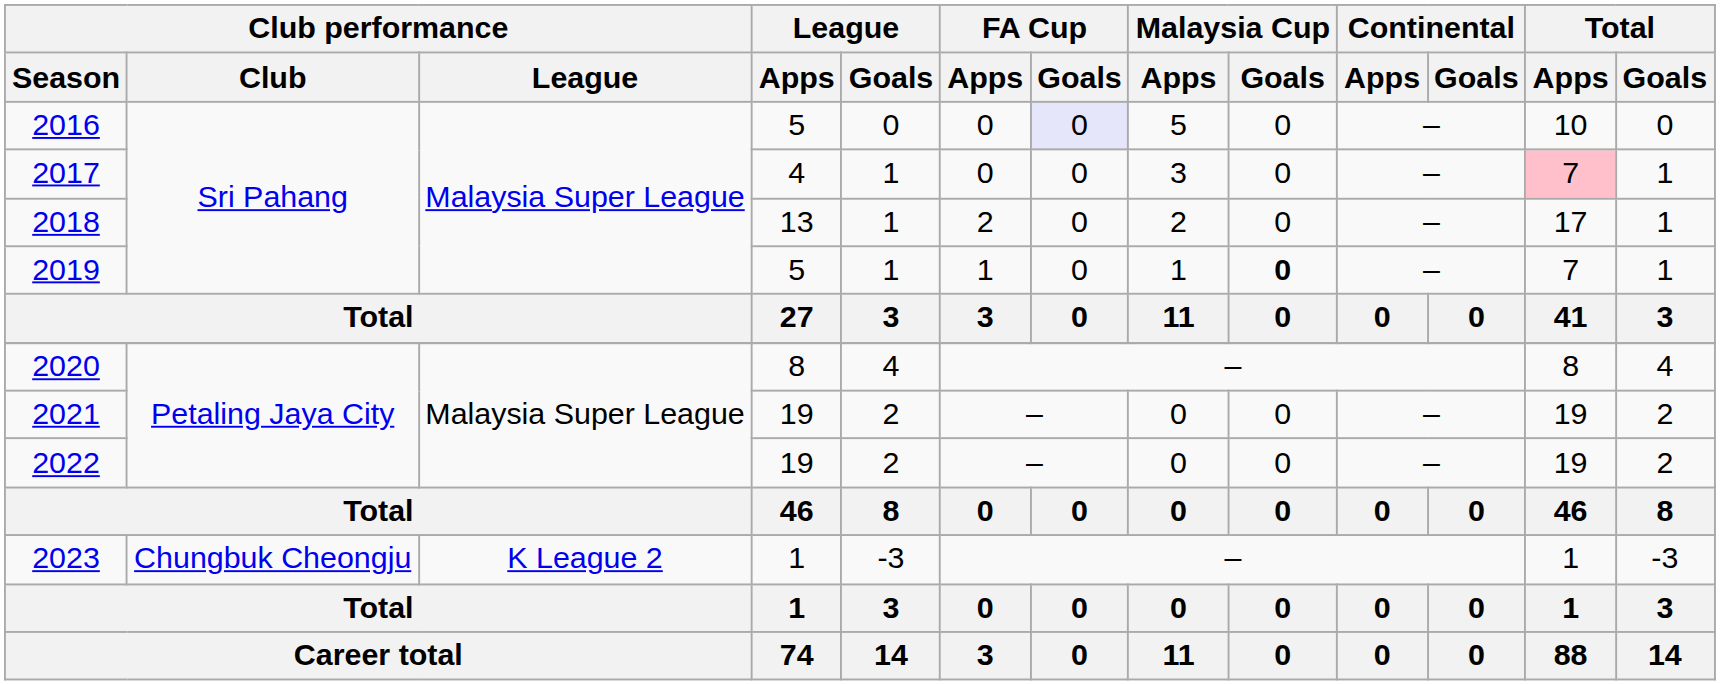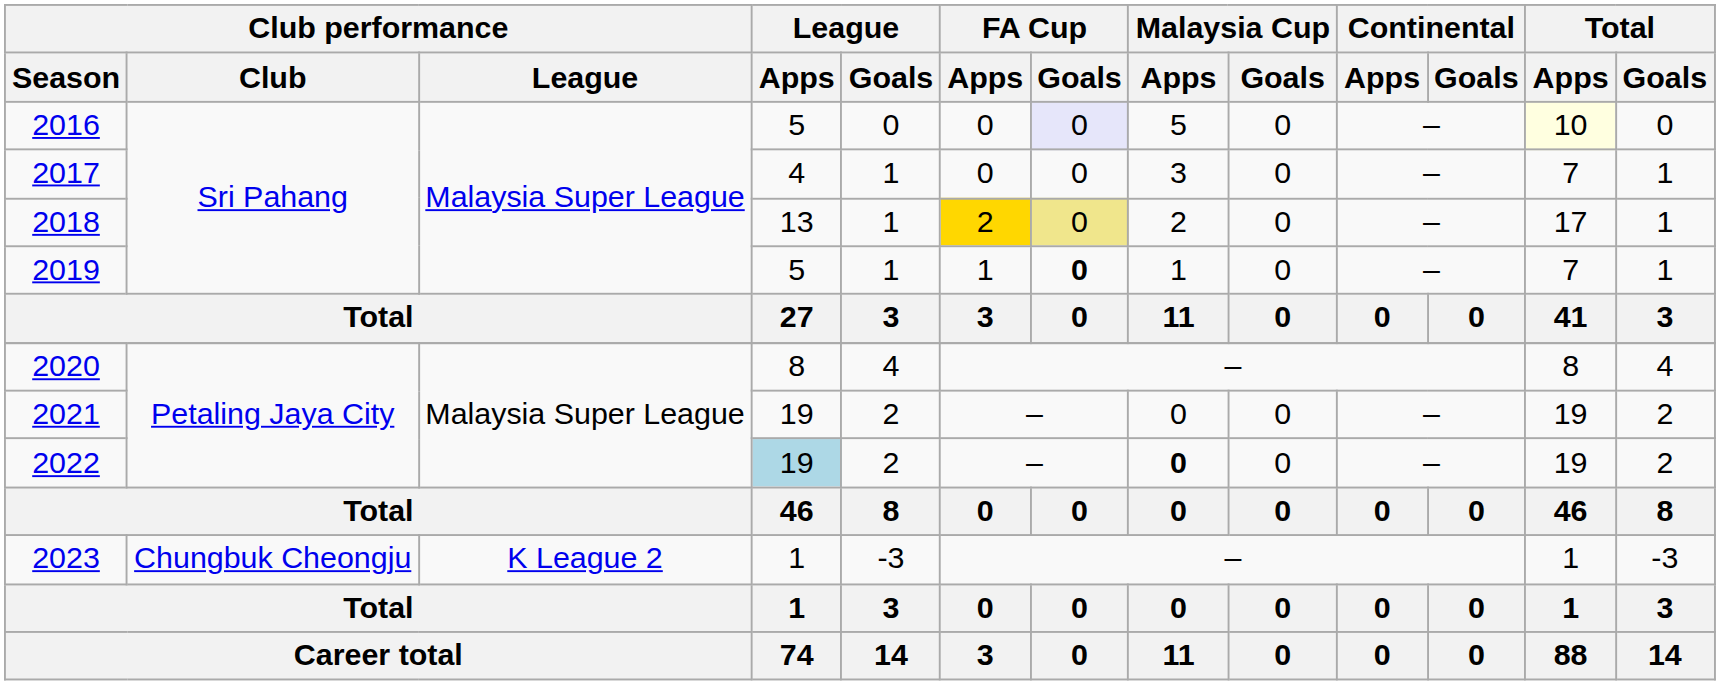 <table class=wikitable style="text-align: center;">
 <tr>
 <th colspan=3>Club performance</th>
 <th colspan=2>League</th>
 <th colspan=2>FA Cup</th>
 <th colspan=2>Malaysia Cup</th>
 <th colspan=2>Continental</th>
 <th colspan=2>Total</th>
 </tr>
 <tr>
 <th>Season</th>
 <th>Club</th>
 <th>League</th>
 <th>Apps</th>
 <th>Goals</th>
 <th>Apps</th>
 <th>Goals</th>
 <th>Apps</th>
 <th>Goals</th>
 <th>Apps</th>
 <th>Goals</th>
 <th>Apps</th>
 <th>Goals</th>
 </tr>
 <tr>
 <td><a href='#'>2016</a></td>
 <td rowspan="4"><a href='#'>Sri Pahang</a></td>
 <td rowspan="4"><a href='#'>Malaysia Super League</a></td>
 <td>5</td>
 <td>0</td>
 <td>0</td>
 <td style="background: lavender;">0</td>
 <td>5</td>
 <td>0</td>
 <td colspan="2">–</td>
-<td>10</td>
+<td style="background: lightyellow;">10</td>
 <td>0</td>
 </tr>
 <tr>
 <td><a href='#'>2017</a></td>
 <td>4</td>
 <td>1</td>
 <td>0</td>
 <td>0</td>
 <td>3</td>
 <td>0</td>
 <td colspan="2">–</td>
-<td style="background: pink;">7</td>
+<td>7</td>
 <td>1</td>
 </tr>
 <tr>
 <td><a href='#'>2018</a></td>
 <td>13</td>
 <td>1</td>
-<td>2</td>
-<td>0</td>
+<td style="background: gold;">2</td>
+<td style="background: khaki;">0</td>
 <td>2</td>
 <td>0</td>
 <td colspan="2">–</td>
 <td>17</td>
 <td>1</td>
 </tr>
 <tr>
 <td><a href='#'>2019</a></td>
 <td>5</td>
 <td>1</td>
 <td>1</td>
+<td><strong>0</strong></td>
+<td>1</td>
 <td>0</td>
-<td>1</td>
-<td><strong>0</strong></td>
 <td colspan="2">–</td>
 <td>7</td>
 <td>1</td>
 </tr>
 <tr>
 <th colspan=3>Total</th>
 <th>27</th>
 <th>3</th>
 <th>3</th>
 <th>0</th>
 <th>11</th>
 <th>0</th>
 <th>0</th>
 <th>0</th>
 <th>41</th>
 <th>3</th>
 </tr>
 <tr>
 </tr>
 <tr>
 <td><a href='#'>2020</a></td>
 <td rowspan="3"><a href='#'>Petaling Jaya City</a></td>
 <td rowspan="3">Malaysia Super League</td>
 <td>8</td>
 <td>4</td>
 <td colspan="6">–</td>
 <td>8</td>
 <td>4</td>
 </tr>
 <tr>
 <td><a href='#'>2021</a></td>
 <td>19</td>
 <td>2</td>
 <td colspan="2">–</td>
 <td>0</td>
 <td>0</td>
 <td colspan="2">–</td>
 <td>19</td>
 <td>2</td>
 </tr>
 <tr>
 <td><a href='#'>2022</a></td>
-<td>19</td>
+<td style="background: lightblue;">19</td>
 <td>2</td>
 <td colspan="2">–</td>
-<td>0</td>
+<td><strong>0</strong></td>
 <td>0</td>
 <td colspan="2">–</td>
 <td>19</td>
 <td>2</td>
 </tr>
 <tr>
 <th colspan=3>Total</th>
 <th>46</th>
 <th>8</th>
 <th>0</th>
 <th>0</th>
 <th>0</th>
 <th>0</th>
 <th>0</th>
 <th>0</th>
 <th>46</th>
 <th>8</th>
 </tr>
 <tr>
 <td><a href='#'>2023</a></td>
 <td rowspan="1"><a href='#'>Chungbuk Cheongju</a></td>
 <td rowspan="1"><a href='#'>K League 2</a></td>
 <td>1</td>
 <td>-3</td>
 <td colspan="6">–</td>
 <td>1</td>
 <td>-3</td>
 </tr>
 <tr>
 <th colspan=3>Total</th>
 <th>1</th>
 <th>3</th>
 <th>0</th>
 <th>0</th>
 <th>0</th>
 <th>0</th>
 <th>0</th>
 <th>0</th>
 <th>1</th>
 <th>3</th>
 </tr>
 <tr>
 <th colspan=3>Career total</th>
 <th>74</th>
 <th>14</th>
 <th>3</th>
 <th>0</th>
 <th>11</th>
 <th>0</th>
 <th>0</th>
 <th>0</th>
 <th>88</th>
 <th>14</th>
 </tr>
 </table>
